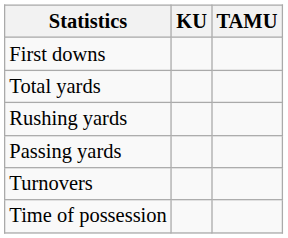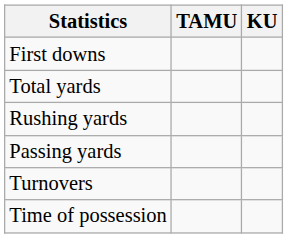 <table class="wikitable" style="float: left;">
 <tr>
 <th>Statistics</th>
+<th>TAMU</th>
 <th>KU</th>
-<th>TAMU</th>
 </tr>
 <tr>
 <td>First downs</td>
 <td></td>
 <td></td>
 </tr>
 <tr>
 <td>Total yards</td>
 <td></td>
 <td></td>
 </tr>
 <tr>
 <td>Rushing yards</td>
 <td></td>
 <td></td>
 </tr>
 <tr>
 <td>Passing yards</td>
 <td></td>
 <td></td>
 </tr>
 <tr>
 <td>Turnovers</td>
 <td></td>
 <td></td>
 </tr>
 <tr>
 <td>Time of possession</td>
 <td></td>
 <td></td>
 </tr>
 </table>
